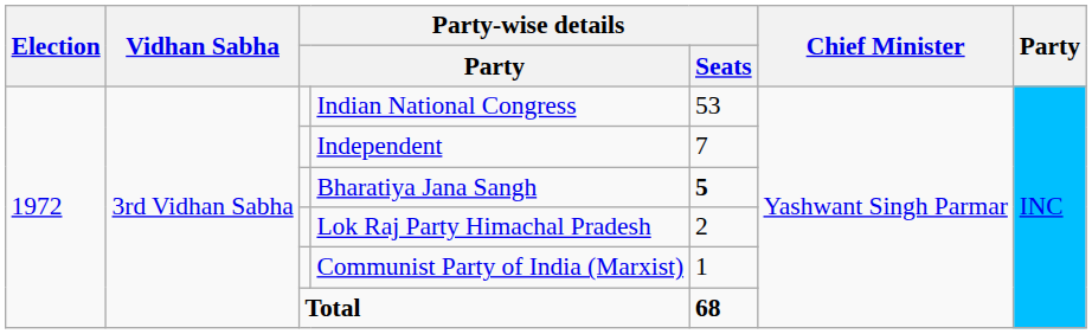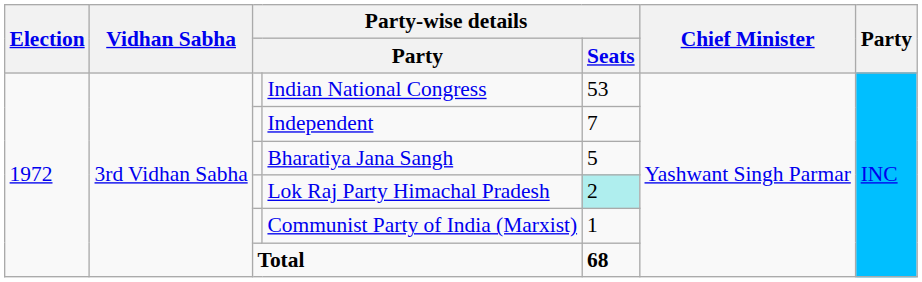 <table class="wikitable sortable">
 <tr>
 <th rowspan="2"><a href='#'>Election</a></th>
 <th rowspan="2"><a href='#'>Vidhan Sabha</a></th>
 <th colspan="3">Party-wise details</th>
 <th rowspan="2"><a href='#'>Chief Minister</a></th>
 <th rowspan="2">Party</th>
 </tr>
 <tr>
 <th colspan="2">Party</th>
 <th><a href='#'>Seats</a></th>
 </tr>
 <tr>
 <td rowspan="6"><a href='#'>1972</a></td>
 <td rowspan="6"><a href='#'>3rd Vidhan Sabha</a></td>
 <td style="background-color: "></td>
 <td><a href='#'>Indian National Congress</a></td>
 <td>53</td>
 <td rowspan="6"><a href='#'>Yashwant Singh Parmar</a></td>
 <td rowspan="6" bgcolor="#00BFFF"><a href='#'>INC</a></td>
 </tr>
 <tr>
 <td style="background-color: "></td>
 <td><a href='#'>Independent</a></td>
 <td>7</td>
 </tr>
 <tr>
 <td style="background-color: "></td>
 <td><a href='#'>Bharatiya Jana Sangh</a></td>
-<td><strong>5</strong></td>
+<td>5</td>
 </tr>
 <tr>
 <td style="background-color: "></td>
 <td><a href='#'>Lok Raj Party Himachal Pradesh</a></td>
-<td>2</td>
+<td style="background: paleturquoise;">2</td>
 </tr>
 <tr>
 <td style="background-color: "></td>
 <td><a href='#'>Communist Party of India (Marxist)</a></td>
 <td>1</td>
 </tr>
 <tr>
 <td colspan="2"><strong>Total</strong></td>
 <td><strong>68</strong></td>
 </tr>
 </table>
